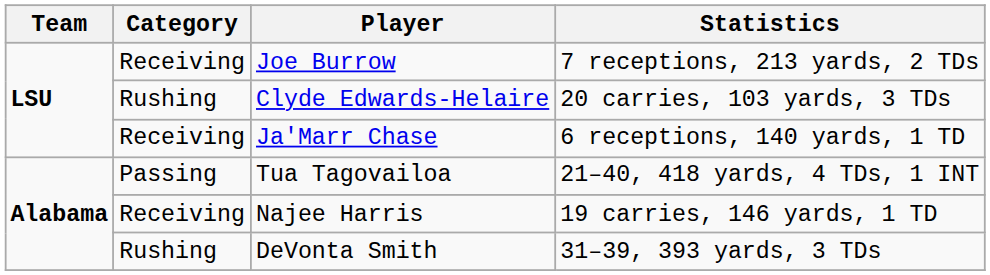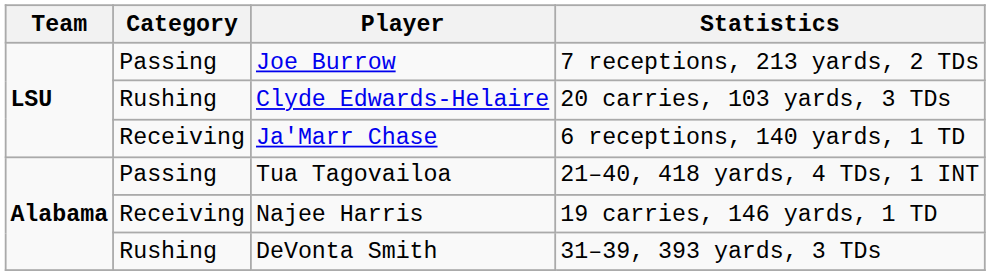 <table class="wikitable" style="float: right;">
 <tr>
 <th>Team</th>
 <th>Category</th>
 <th>Player</th>
 <th>Statistics</th>
 </tr>
 <tr>
 <td rowspan=3><strong>LSU</strong></td>
-<td>Receiving</td>
+<td>Passing</td>
 <td><a href='#'>Joe Burrow</a></td>
 <td>7 receptions, 213 yards, 2 TDs</td>
 </tr>
 <tr>
 <td>Rushing</td>
 <td><a href='#'>Clyde Edwards-Helaire</a></td>
 <td>20 carries, 103 yards, 3 TDs</td>
 </tr>
 <tr>
 <td>Receiving</td>
 <td><a href='#'>Ja'Marr Chase</a></td>
 <td>6 receptions, 140 yards, 1 TD</td>
 </tr>
 <tr>
 <td rowspan=3><strong>Alabama</strong></td>
 <td>Passing</td>
 <td>Tua Tagovailoa</td>
 <td>21–40, 418 yards, 4 TDs, 1 INT</td>
 </tr>
 <tr>
 <td>Receiving</td>
 <td>Najee Harris</td>
 <td>19 carries, 146 yards, 1 TD</td>
 </tr>
 <tr>
 <td>Rushing</td>
 <td>DeVonta Smith</td>
 <td>31–39, 393 yards, 3 TDs</td>
 </tr>
 </table>
